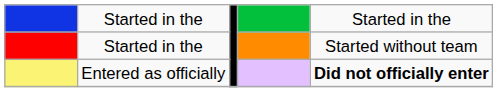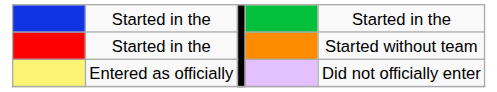 <table class="wikitable" style="font-size:80%; text-align:center; margin: auto">
 <tr>
 <td bgcolor="#1033E3" style="width: 50px;"></td>
 <td>Started in the <strong></strong></td>
 <td style="background:#000000;" rowspan="3"></td>
 <td bgcolor="#03C03C" style="width: 50px;"></td>
 <td>Started in the <strong></strong></td>
 </tr>
 <tr>
 <td bgcolor="#FF0000" style="width: 50px;"></td>
 <td>Started in the <strong></strong></td>
 <td bgcolor="#FF8C00" style="width: 50px;"></td>
 <td>Started without team</td>
 </tr>
 <tr>
 <td bgcolor="#FBF373" style="width: 50px;"></td>
 <td>Entered as  officially</td>
 <td bgcolor="#E3C0FF" style="width: 50px;"></td>
-<td><strong>Did not officially enter</strong></td>
+<td>Did not officially enter</td>
 </tr>
 <tr>
 </tr>
 </table>
